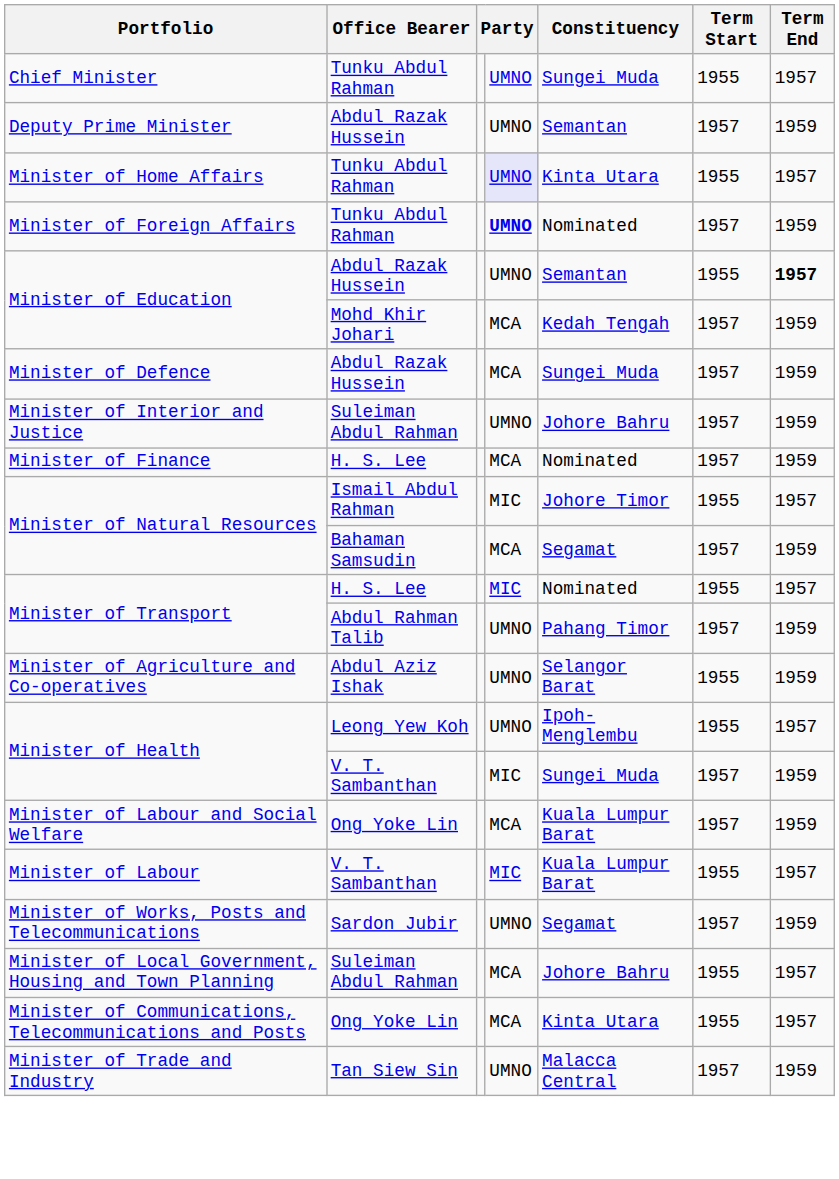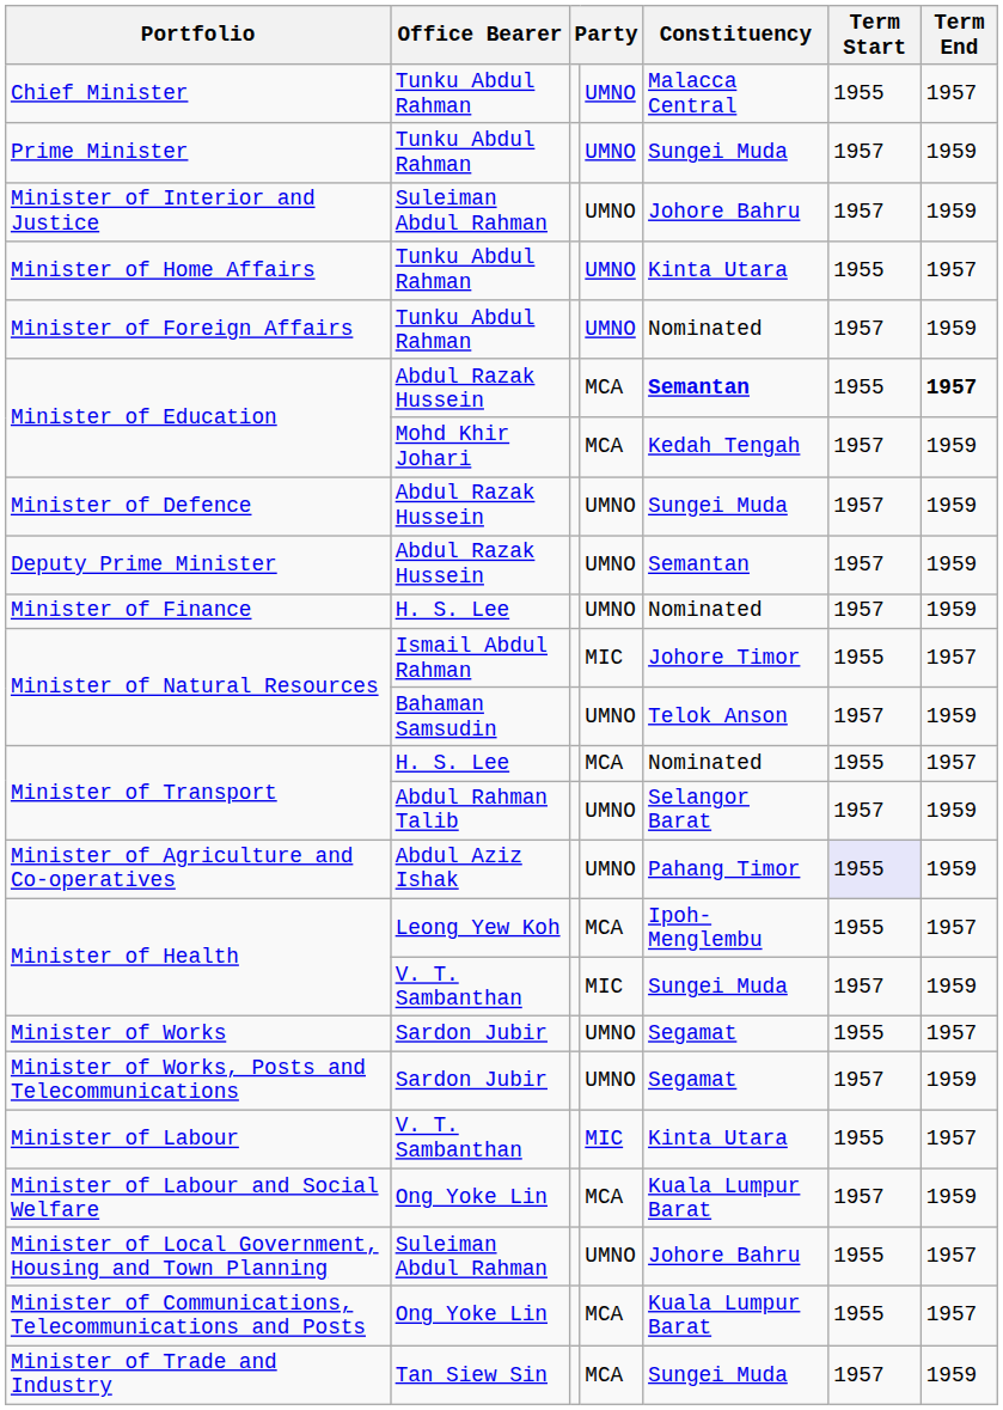 <table class="sortable wikitable">
 <tr>
 <th>Portfolio</th>
 <th>Office Bearer</th>
 <th colspan=2>Party</th>
 <th>Constituency</th>
 <th>Term Start</th>
 <th>Term End</th>
 </tr>
 <tr>
 <td><a href='#'>Chief Minister</a></td>
 <td><a href='#'>Tunku Abdul Rahman</a></td>
 <td></td>
 <td><a href='#'>UMNO</a></td>
-<td><a href='#'>Sungei Muda</a></td>
+<td><a href='#'>Malacca Central</a></td>
 <td>1955</td>
 <td>1957</td>
 </tr>
 <tr>
-<td><a href='#'>Deputy Prime Minister</a></td>
-<td><a href='#'>Abdul Razak Hussein</a></td>
+<td><a href='#'>Prime Minister</a></td>
+<td><a href='#'>Tunku Abdul Rahman</a></td>
+<td></td>
+<td><a href='#'>UMNO</a></td>
+<td><a href='#'>Sungei Muda</a></td>
+<td>1957</td>
+<td>1959</td>
+</tr>
+<tr>
+<td><a href='#'>Minister of Interior and Justice</a></td>
+<td><a href='#'>Suleiman Abdul Rahman</a></td>
 <td></td>
 <td>UMNO</td>
-<td><a href='#'>Semantan</a></td>
+<td><a href='#'>Johore Bahru</a></td>
 <td>1957</td>
 <td>1959</td>
 </tr>
 <tr>
 <td><a href='#'>Minister of Home Affairs</a></td>
 <td><a href='#'>Tunku Abdul Rahman</a></td>
 <td></td>
-<td style="background: lavender;"><a href='#'>UMNO</a></td>
+<td><a href='#'>UMNO</a></td>
 <td><a href='#'>Kinta Utara</a></td>
 <td>1955</td>
 <td>1957</td>
 </tr>
 <tr>
 <td><a href='#'>Minister of Foreign Affairs</a></td>
 <td><a href='#'>Tunku Abdul Rahman</a></td>
 <td></td>
-<td><strong><a href='#'>UMNO</a></strong></td>
+<td><a href='#'>UMNO</a></td>
 <td>Nominated</td>
 <td>1957</td>
 <td>1959</td>
 </tr>
 <tr>
 <td rowspan=2><a href='#'>Minister of Education</a></td>
 <td><a href='#'>Abdul Razak Hussein</a></td>
 <td></td>
-<td>UMNO</td>
-<td><a href='#'>Semantan</a></td>
+<td>MCA</td>
+<td><strong><a href='#'>Semantan</a></strong></td>
 <td>1955</td>
 <td><strong>1957</strong></td>
 </tr>
 <tr>
 <td><a href='#'>Mohd Khir Johari</a></td>
 <td></td>
 <td>MCA</td>
 <td><a href='#'>Kedah Tengah</a></td>
 <td>1957</td>
 <td>1959</td>
 </tr>
 <tr>
 <td><a href='#'>Minister of Defence</a></td>
 <td><a href='#'>Abdul Razak Hussein</a></td>
 <td></td>
-<td>MCA</td>
+<td>UMNO</td>
 <td><a href='#'>Sungei Muda</a></td>
 <td>1957</td>
 <td>1959</td>
 </tr>
 <tr>
-<td><a href='#'>Minister of Interior and Justice</a></td>
-<td><a href='#'>Suleiman Abdul Rahman</a></td>
+<td><a href='#'>Deputy Prime Minister</a></td>
+<td><a href='#'>Abdul Razak Hussein</a></td>
 <td></td>
 <td>UMNO</td>
-<td><a href='#'>Johore Bahru</a></td>
+<td><a href='#'>Semantan</a></td>
 <td>1957</td>
 <td>1959</td>
 </tr>
 <tr>
 <td><a href='#'>Minister of Finance</a></td>
 <td><a href='#'>H. S. Lee</a></td>
 <td></td>
-<td>MCA</td>
+<td>UMNO</td>
 <td>Nominated</td>
 <td>1957</td>
 <td>1959</td>
 </tr>
 <tr>
 <td rowspan=2><a href='#'>Minister of Natural Resources</a></td>
 <td><a href='#'>Ismail Abdul Rahman</a></td>
 <td></td>
 <td>MIC</td>
 <td><a href='#'>Johore Timor</a></td>
 <td>1955</td>
 <td>1957</td>
 </tr>
 <tr>
 <td><a href='#'>Bahaman Samsudin</a></td>
 <td></td>
-<td>MCA</td>
-<td><a href='#'>Segamat</a></td>
+<td>UMNO</td>
+<td><a href='#'>Telok Anson</a></td>
 <td>1957</td>
 <td>1959</td>
 </tr>
 <tr>
 <td rowspan=2><a href='#'>Minister of Transport</a></td>
 <td><a href='#'>H. S. Lee</a></td>
 <td></td>
-<td><a href='#'>MIC</a></td>
+<td>MCA</td>
 <td>Nominated</td>
 <td>1955</td>
 <td>1957</td>
 </tr>
 <tr>
 <td><a href='#'>Abdul Rahman Talib</a></td>
 <td></td>
 <td>UMNO</td>
-<td><a href='#'>Pahang Timor</a></td>
+<td><a href='#'>Selangor Barat</a></td>
 <td>1957</td>
 <td>1959</td>
 </tr>
 <tr>
 <td><a href='#'>Minister of Agriculture and Co-operatives</a></td>
 <td><a href='#'>Abdul Aziz Ishak</a></td>
 <td></td>
 <td>UMNO</td>
-<td><a href='#'>Selangor Barat</a></td>
-<td>1955</td>
+<td><a href='#'>Pahang Timor</a></td>
+<td style="background: lavender;">1955</td>
 <td>1959</td>
 </tr>
 <tr>
 <td rowspan=2><a href='#'>Minister of Health</a></td>
 <td><a href='#'>Leong Yew Koh</a></td>
 <td></td>
-<td>UMNO</td>
+<td>MCA</td>
 <td><a href='#'>Ipoh-Menglembu</a></td>
 <td>1955</td>
 <td>1957</td>
 </tr>
 <tr>
 <td><a href='#'>V. T. Sambanthan</a></td>
 <td></td>
 <td>MIC</td>
 <td><a href='#'>Sungei Muda</a></td>
 <td>1957</td>
 <td>1959</td>
 </tr>
 <tr>
-<td><a href='#'>Minister of Labour and Social Welfare</a></td>
-<td><a href='#'>Ong Yoke Lin</a></td>
+<td><a href='#'>Minister of Works</a></td>
+<td><a href='#'>Sardon Jubir</a></td>
 <td></td>
-<td>MCA</td>
-<td><a href='#'>Kuala Lumpur Barat</a></td>
-<td>1957</td>
-<td>1959</td>
-</tr>
-<tr>
-<td><a href='#'>Minister of Labour</a></td>
-<td><a href='#'>V. T. Sambanthan</a></td>
-<td></td>
-<td><a href='#'>MIC</a></td>
-<td><a href='#'>Kuala Lumpur Barat</a></td>
+<td>UMNO</td>
+<td><a href='#'>Segamat</a></td>
 <td>1955</td>
 <td>1957</td>
 </tr>
 <tr>
 <td><a href='#'>Minister of Works, Posts and Telecommunications</a></td>
 <td><a href='#'>Sardon Jubir</a></td>
 <td></td>
 <td>UMNO</td>
 <td><a href='#'>Segamat</a></td>
 <td>1957</td>
 <td>1959</td>
 </tr>
 <tr>
+<td><a href='#'>Minister of Labour</a></td>
+<td><a href='#'>V. T. Sambanthan</a></td>
+<td></td>
+<td><a href='#'>MIC</a></td>
+<td><a href='#'>Kinta Utara</a></td>
+<td>1955</td>
+<td>1957</td>
+</tr>
+<tr>
+<td><a href='#'>Minister of Labour and Social Welfare</a></td>
+<td><a href='#'>Ong Yoke Lin</a></td>
+<td></td>
+<td>MCA</td>
+<td><a href='#'>Kuala Lumpur Barat</a></td>
+<td>1957</td>
+<td>1959</td>
+</tr>
+<tr>
 <td><a href='#'>Minister of Local Government, Housing and Town Planning</a></td>
 <td><a href='#'>Suleiman Abdul Rahman</a></td>
 <td></td>
-<td>MCA</td>
+<td>UMNO</td>
 <td><a href='#'>Johore Bahru</a></td>
 <td>1955</td>
 <td>1957</td>
 </tr>
 <tr>
 <td><a href='#'>Minister of Communications, Telecommunications and Posts</a></td>
 <td><a href='#'>Ong Yoke Lin</a></td>
 <td></td>
 <td>MCA</td>
-<td><a href='#'>Kinta Utara</a></td>
+<td><a href='#'>Kuala Lumpur Barat</a></td>
 <td>1955</td>
 <td>1957</td>
 </tr>
 <tr>
 <td><a href='#'>Minister of Trade and Industry</a></td>
 <td><a href='#'>Tan Siew Sin</a></td>
 <td></td>
-<td>UMNO</td>
-<td><a href='#'>Malacca Central</a></td>
+<td>MCA</td>
+<td><a href='#'>Sungei Muda</a></td>
 <td>1957</td>
 <td>1959</td>
 </tr>
 </table>
